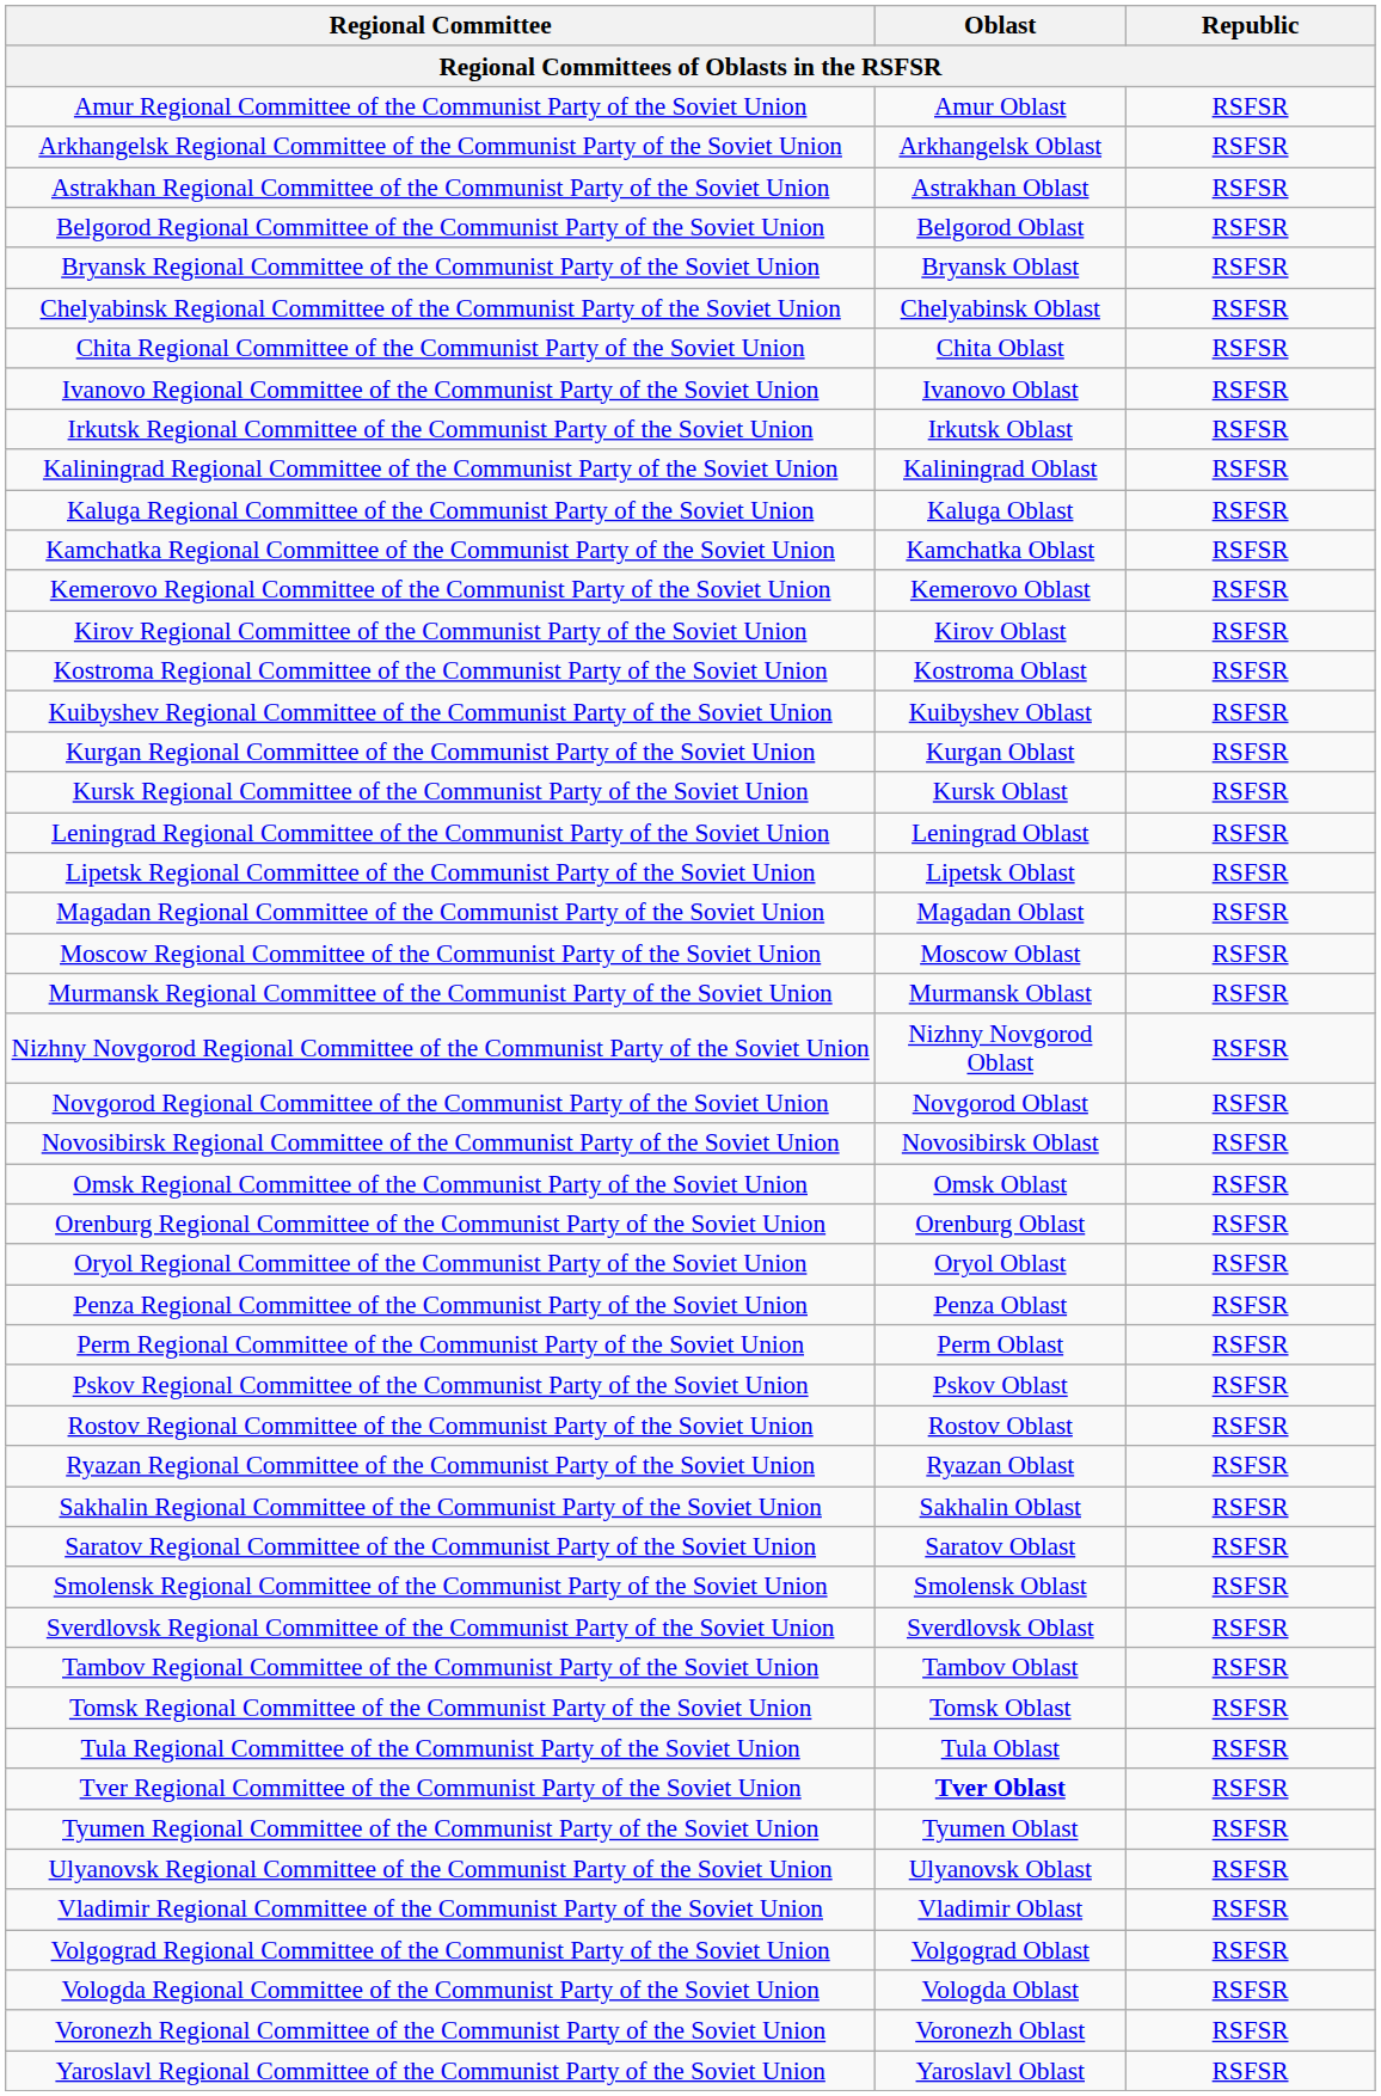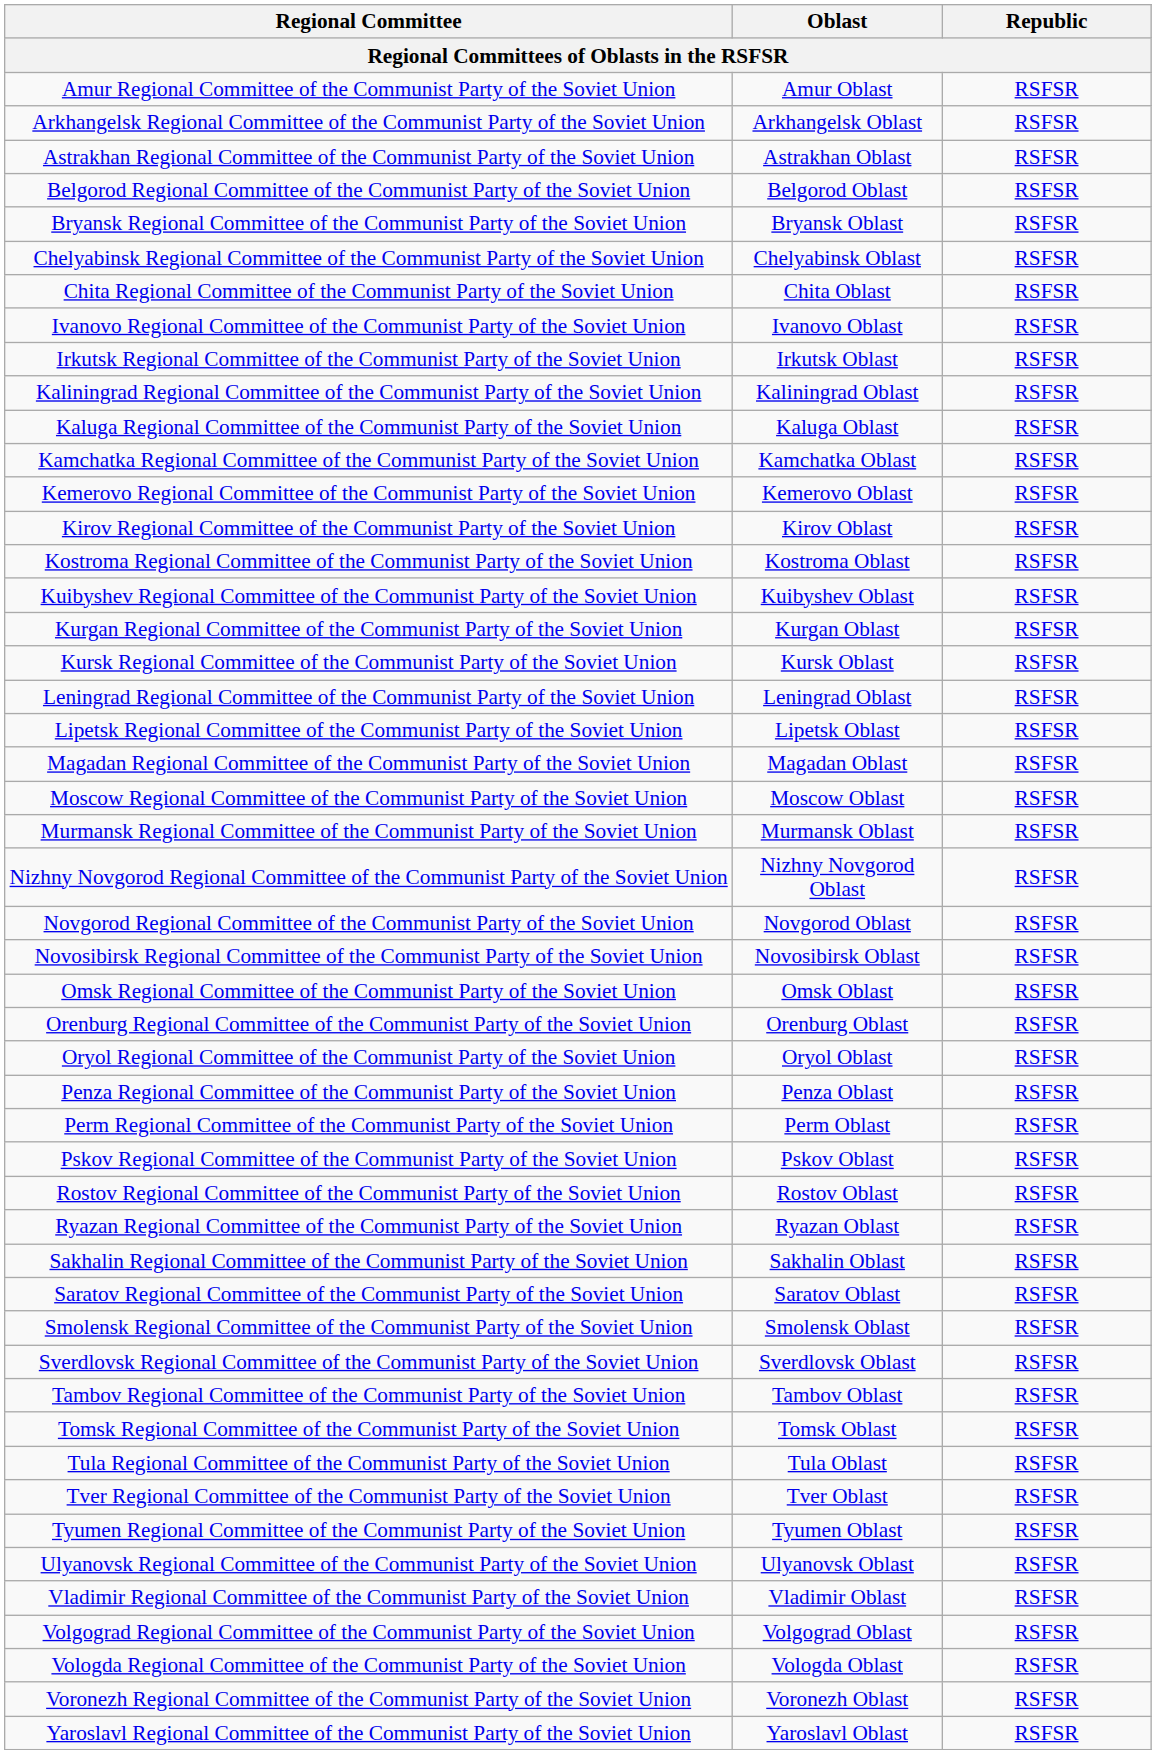 <table class="wikitable" style="text-align:center">
 <tr>
 <th>Regional Committee</th>
 <th width="150">Oblast</th>
 <th width="150">Republic</th>
 </tr>
 <tr>
 <th colspan="3"><strong>Regional Committees of Oblasts in the RSFSR</strong></th>
 </tr>
 <tr>
 <td><a href='#'>Amur Regional Committee of the Communist Party of the Soviet Union</a></td>
 <td><a href='#'>Amur Oblast</a></td>
 <td> <a href='#'>RSFSR</a></td>
 </tr>
 <tr>
 <td><a href='#'>Arkhangelsk Regional Committee of the Communist Party of the Soviet Union</a></td>
 <td><a href='#'>Arkhangelsk Oblast</a></td>
 <td> <a href='#'>RSFSR</a></td>
 </tr>
 <tr>
 <td><a href='#'>Astrakhan Regional Committee of the Communist Party of the Soviet Union</a></td>
 <td><a href='#'>Astrakhan Oblast</a></td>
 <td> <a href='#'>RSFSR</a></td>
 </tr>
 <tr>
 <td><a href='#'>Belgorod Regional Committee of the Communist Party of the Soviet Union</a></td>
 <td><a href='#'>Belgorod Oblast</a></td>
 <td> <a href='#'>RSFSR</a></td>
 </tr>
 <tr>
 <td><a href='#'>Bryansk Regional Committee of the Communist Party of the Soviet Union</a></td>
 <td><a href='#'>Bryansk Oblast</a></td>
 <td> <a href='#'>RSFSR</a></td>
 </tr>
 <tr>
 <td><a href='#'>Chelyabinsk Regional Committee of the Communist Party of the Soviet Union</a></td>
 <td><a href='#'>Chelyabinsk Oblast</a></td>
 <td> <a href='#'>RSFSR</a></td>
 </tr>
 <tr>
 <td><a href='#'>Chita Regional Committee of the Communist Party of the Soviet Union</a></td>
 <td><a href='#'>Chita Oblast</a></td>
 <td> <a href='#'>RSFSR</a></td>
 </tr>
 <tr>
 <td><a href='#'>Ivanovo Regional Committee of the Communist Party of the Soviet Union</a></td>
 <td><a href='#'>Ivanovo Oblast</a></td>
 <td> <a href='#'>RSFSR</a></td>
 </tr>
 <tr>
 <td><a href='#'>Irkutsk Regional Committee of the Communist Party of the Soviet Union</a></td>
 <td><a href='#'>Irkutsk Oblast</a></td>
 <td> <a href='#'>RSFSR</a></td>
 </tr>
 <tr>
 <td><a href='#'>Kaliningrad Regional Committee of the Communist Party of the Soviet Union</a></td>
 <td><a href='#'>Kaliningrad Oblast</a></td>
 <td> <a href='#'>RSFSR</a></td>
 </tr>
 <tr>
 <td><a href='#'>Kaluga Regional Committee of the Communist Party of the Soviet Union</a></td>
 <td><a href='#'>Kaluga Oblast</a></td>
 <td> <a href='#'>RSFSR</a></td>
 </tr>
 <tr>
 <td><a href='#'>Kamchatka Regional Committee of the Communist Party of the Soviet Union</a></td>
 <td><a href='#'>Kamchatka Oblast</a></td>
 <td> <a href='#'>RSFSR</a></td>
 </tr>
 <tr>
 <td><a href='#'>Kemerovo Regional Committee of the Communist Party of the Soviet Union</a></td>
 <td><a href='#'>Kemerovo Oblast</a></td>
 <td> <a href='#'>RSFSR</a></td>
 </tr>
 <tr>
 <td><a href='#'>Kirov Regional Committee of the Communist Party of the Soviet Union</a></td>
 <td><a href='#'>Kirov Oblast</a></td>
 <td> <a href='#'>RSFSR</a></td>
 </tr>
 <tr>
 <td><a href='#'>Kostroma Regional Committee of the Communist Party of the Soviet Union</a></td>
 <td><a href='#'>Kostroma Oblast</a></td>
 <td> <a href='#'>RSFSR</a></td>
 </tr>
 <tr>
 <td><a href='#'>Kuibyshev Regional Committee of the Communist Party of the Soviet Union</a></td>
 <td><a href='#'>Kuibyshev Oblast</a></td>
 <td> <a href='#'>RSFSR</a></td>
 </tr>
 <tr>
 <td><a href='#'>Kurgan Regional Committee of the Communist Party of the Soviet Union</a></td>
 <td><a href='#'>Kurgan Oblast</a></td>
 <td> <a href='#'>RSFSR</a></td>
 </tr>
 <tr>
 <td><a href='#'>Kursk Regional Committee of the Communist Party of the Soviet Union</a></td>
 <td><a href='#'>Kursk Oblast</a></td>
 <td> <a href='#'>RSFSR</a></td>
 </tr>
 <tr>
 <td><a href='#'>Leningrad Regional Committee of the Communist Party of the Soviet Union</a></td>
 <td><a href='#'>Leningrad Oblast</a></td>
 <td> <a href='#'>RSFSR</a></td>
 </tr>
 <tr>
 <td><a href='#'>Lipetsk Regional Committee of the Communist Party of the Soviet Union</a></td>
 <td><a href='#'>Lipetsk Oblast</a></td>
 <td> <a href='#'>RSFSR</a></td>
 </tr>
 <tr>
 <td><a href='#'>Magadan Regional Committee of the Communist Party of the Soviet Union</a></td>
 <td><a href='#'>Magadan Oblast</a></td>
 <td> <a href='#'>RSFSR</a></td>
 </tr>
 <tr>
 <td><a href='#'>Moscow Regional Committee of the Communist Party of the Soviet Union</a></td>
 <td><a href='#'>Moscow Oblast</a></td>
 <td> <a href='#'>RSFSR</a></td>
 </tr>
 <tr>
 <td><a href='#'>Murmansk Regional Committee of the Communist Party of the Soviet Union</a></td>
 <td><a href='#'>Murmansk Oblast</a></td>
 <td> <a href='#'>RSFSR</a></td>
 </tr>
 <tr>
 <td><a href='#'>Nizhny Novgorod Regional Committee of the Communist Party of the Soviet Union</a></td>
 <td><a href='#'>Nizhny Novgorod Oblast</a></td>
 <td> <a href='#'>RSFSR</a></td>
 </tr>
 <tr>
 <td><a href='#'>Novgorod Regional Committee of the Communist Party of the Soviet Union</a></td>
 <td><a href='#'>Novgorod Oblast</a></td>
 <td> <a href='#'>RSFSR</a></td>
 </tr>
 <tr>
 <td><a href='#'>Novosibirsk Regional Committee of the Communist Party of the Soviet Union</a></td>
 <td><a href='#'>Novosibirsk Oblast</a></td>
 <td> <a href='#'>RSFSR</a></td>
 </tr>
 <tr>
 <td><a href='#'>Omsk Regional Committee of the Communist Party of the Soviet Union</a></td>
 <td><a href='#'>Omsk Oblast</a></td>
 <td> <a href='#'>RSFSR</a></td>
 </tr>
 <tr>
 <td><a href='#'>Orenburg Regional Committee of the Communist Party of the Soviet Union</a></td>
 <td><a href='#'>Orenburg Oblast</a></td>
 <td> <a href='#'>RSFSR</a></td>
 </tr>
 <tr>
 <td><a href='#'>Oryol Regional Committee of the Communist Party of the Soviet Union</a></td>
 <td><a href='#'>Oryol Oblast</a></td>
 <td> <a href='#'>RSFSR</a></td>
 </tr>
 <tr>
 <td><a href='#'>Penza Regional Committee of the Communist Party of the Soviet Union</a></td>
 <td><a href='#'>Penza Oblast</a></td>
 <td> <a href='#'>RSFSR</a></td>
 </tr>
 <tr>
 <td><a href='#'>Perm Regional Committee of the Communist Party of the Soviet Union</a></td>
 <td><a href='#'>Perm Oblast</a></td>
 <td> <a href='#'>RSFSR</a></td>
 </tr>
 <tr>
 <td><a href='#'>Pskov Regional Committee of the Communist Party of the Soviet Union</a></td>
 <td><a href='#'>Pskov Oblast</a></td>
 <td> <a href='#'>RSFSR</a></td>
 </tr>
 <tr>
 <td><a href='#'>Rostov Regional Committee of the Communist Party of the Soviet Union</a></td>
 <td><a href='#'>Rostov Oblast</a></td>
 <td> <a href='#'>RSFSR</a></td>
 </tr>
 <tr>
 <td><a href='#'>Ryazan Regional Committee of the Communist Party of the Soviet Union</a></td>
 <td><a href='#'>Ryazan Oblast</a></td>
 <td> <a href='#'>RSFSR</a></td>
 </tr>
 <tr>
 <td><a href='#'>Sakhalin Regional Committee of the Communist Party of the Soviet Union</a></td>
 <td><a href='#'>Sakhalin Oblast</a></td>
 <td> <a href='#'>RSFSR</a></td>
 </tr>
 <tr>
 <td><a href='#'>Saratov Regional Committee of the Communist Party of the Soviet Union</a></td>
 <td><a href='#'>Saratov Oblast</a></td>
 <td> <a href='#'>RSFSR</a></td>
 </tr>
 <tr>
 <td><a href='#'>Smolensk Regional Committee of the Communist Party of the Soviet Union</a></td>
 <td><a href='#'>Smolensk Oblast</a></td>
 <td> <a href='#'>RSFSR</a></td>
 </tr>
 <tr>
 <td><a href='#'>Sverdlovsk Regional Committee of the Communist Party of the Soviet Union</a></td>
 <td><a href='#'>Sverdlovsk Oblast</a></td>
 <td> <a href='#'>RSFSR</a></td>
 </tr>
 <tr>
 <td><a href='#'>Tambov Regional Committee of the Communist Party of the Soviet Union</a></td>
 <td><a href='#'>Tambov Oblast</a></td>
 <td> <a href='#'>RSFSR</a></td>
 </tr>
 <tr>
 <td><a href='#'>Tomsk Regional Committee of the Communist Party of the Soviet Union</a></td>
 <td><a href='#'>Tomsk Oblast</a></td>
 <td> <a href='#'>RSFSR</a></td>
 </tr>
 <tr>
 <td><a href='#'>Tula Regional Committee of the Communist Party of the Soviet Union</a></td>
 <td><a href='#'>Tula Oblast</a></td>
 <td> <a href='#'>RSFSR</a></td>
 </tr>
 <tr>
 <td><a href='#'>Tver Regional Committee of the Communist Party of the Soviet Union</a></td>
-<td><strong><a href='#'>Tver Oblast</a></strong></td>
+<td><a href='#'>Tver Oblast</a></td>
 <td> <a href='#'>RSFSR</a></td>
 </tr>
 <tr>
 <td><a href='#'>Tyumen Regional Committee of the Communist Party of the Soviet Union</a></td>
 <td><a href='#'>Tyumen Oblast</a></td>
 <td> <a href='#'>RSFSR</a></td>
 </tr>
 <tr>
 <td><a href='#'>Ulyanovsk Regional Committee of the Communist Party of the Soviet Union</a></td>
 <td><a href='#'>Ulyanovsk Oblast</a></td>
 <td> <a href='#'>RSFSR</a></td>
 </tr>
 <tr>
 <td><a href='#'>Vladimir Regional Committee of the Communist Party of the Soviet Union</a></td>
 <td><a href='#'>Vladimir Oblast</a></td>
 <td> <a href='#'>RSFSR</a></td>
 </tr>
 <tr>
 <td><a href='#'>Volgograd Regional Committee of the Communist Party of the Soviet Union</a></td>
 <td><a href='#'>Volgograd Oblast</a></td>
 <td> <a href='#'>RSFSR</a></td>
 </tr>
 <tr>
 <td><a href='#'>Vologda Regional Committee of the Communist Party of the Soviet Union</a></td>
 <td><a href='#'>Vologda Oblast</a></td>
 <td> <a href='#'>RSFSR</a></td>
 </tr>
 <tr>
 <td><a href='#'>Voronezh Regional Committee of the Communist Party of the Soviet Union</a></td>
 <td><a href='#'>Voronezh Oblast</a></td>
 <td> <a href='#'>RSFSR</a></td>
 </tr>
 <tr>
 <td><a href='#'>Yaroslavl Regional Committee of the Communist Party of the Soviet Union</a></td>
 <td><a href='#'>Yaroslavl Oblast</a></td>
 <td> <a href='#'>RSFSR</a></td>
 </tr>
 </table>
